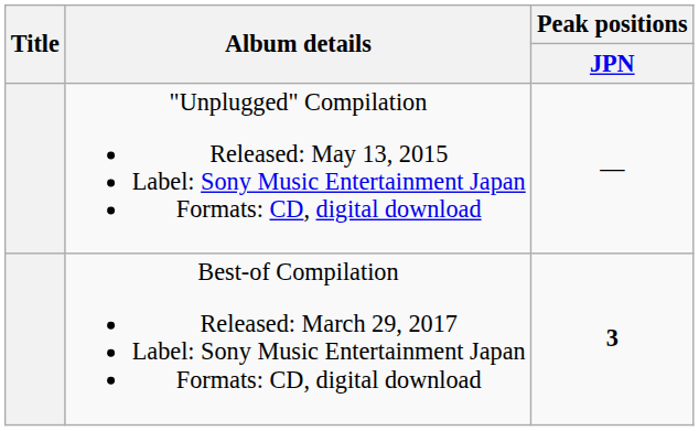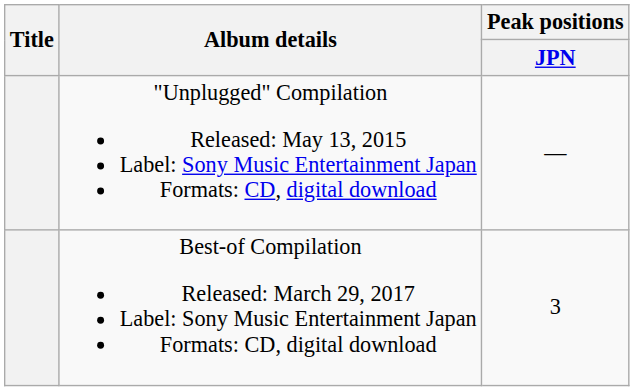 <table class="wikitable plainrowheaders" style="text-align:center;">
 <tr>
 <th scope="col" rowspan="2">Title</th>
 <th scope="col" rowspan="2">Album details</th>
 <th scope="col" colspan="1">Peak positions</th>
 </tr>
 <tr>
 <th scope="col"><a href='#'>JPN</a><br></th>
 </tr>
 <tr>
 <th scope="row"></th>
 <td>"Unplugged" Compilation<br><ul><li>Released: May 13, 2015</li><li>Label: <a href='#'>Sony Music Entertainment Japan</a></li><li>Formats: <a href='#'>CD</a>, <a href='#'>digital download</a></li></ul></td>
 <td align="center">—</td>
 </tr>
 <tr>
 <th scope="row"></th>
 <td>Best-of Compilation<br><ul><li>Released: March 29, 2017</li><li>Label: Sony Music Entertainment Japan</li><li>Formats: CD, digital download</li></ul></td>
-<td align="center"><strong>3</strong></td>
+<td align="center">3</td>
 </tr>
 </table>
